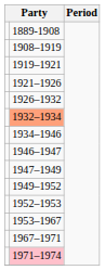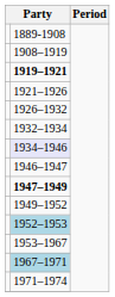 <table class="wikitable">
 <tr>
 <th colspan="2">Party</th>
 <th>Period</th>
 </tr>
 <tr>
 <td></td>
 <td>1889-1908</td>
 </tr>
 <tr>
 <td></td>
 <td>1908–1919</td>
 </tr>
 <tr>
 <td></td>
-<td>1919–1921</td>
+<td><strong>1919–1921</strong></td>
 </tr>
 <tr>
 <td></td>
 <td>1921–1926</td>
 </tr>
 <tr>
 <td></td>
 <td>1926–1932</td>
 </tr>
 <tr>
 <td></td>
-<td style="background: lightsalmon;">1932–1934</td>
+<td>1932–1934</td>
 </tr>
 <tr>
 <td></td>
-<td>1934–1946</td>
+<td style="background: lavender;">1934–1946</td>
 </tr>
 <tr>
 <td></td>
 <td>1946–1947</td>
 </tr>
 <tr>
 <td></td>
-<td>1947–1949</td>
+<td><strong>1947–1949</strong></td>
 </tr>
 <tr>
 <td></td>
 <td>1949–1952</td>
 </tr>
 <tr>
 <td></td>
-<td>1952–1953</td>
+<td style="background: lightblue;">1952–1953</td>
 </tr>
 <tr>
 <td></td>
 <td>1953–1967</td>
 </tr>
 <tr>
 <td></td>
-<td>1967–1971</td>
+<td style="background: lightblue;">1967–1971</td>
 </tr>
 <tr>
 <td></td>
-<td style="background: pink;">1971–1974</td>
+<td>1971–1974</td>
 </tr>
 <tr>
 </tr>
 </table>
